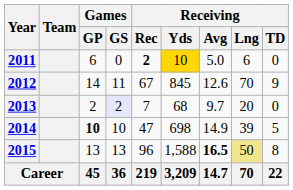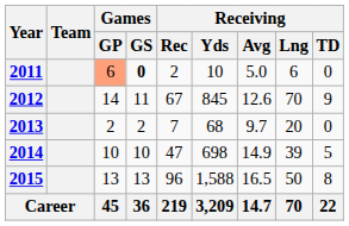 <table class="wikitable" style="text-align:center;">
 <tr>
 <th rowspan="2">Year</th>
 <th rowspan="2">Team</th>
 <th colspan="2">Games</th>
 <th colspan="5">Receiving</th>
 </tr>
 <tr>
 <th>GP</th>
 <th>GS</th>
 <th>Rec</th>
 <th>Yds</th>
 <th>Avg</th>
 <th>Lng</th>
 <th>TD</th>
 </tr>
 <tr>
 <th><a href='#'>2011</a></th>
 <th><a href='#'></a></th>
-<td>6</td>
-<td>0</td>
-<td><strong>2</strong></td>
-<td style="background: gold;">10</td>
+<td style="background: lightsalmon;">6</td>
+<td><strong>0</strong></td>
+<td>2</td>
+<td>10</td>
 <td>5.0</td>
 <td>6</td>
 <td>0</td>
 </tr>
 <tr>
 <th><a href='#'>2012</a></th>
 <th><a href='#'></a></th>
 <td>14</td>
 <td>11</td>
 <td>67</td>
 <td>845</td>
 <td>12.6</td>
 <td>70</td>
 <td>9</td>
 </tr>
 <tr>
 <th><a href='#'>2013</a></th>
 <th><a href='#'></a></th>
 <td>2</td>
-<td style="background: lavender;">2</td>
+<td>2</td>
 <td>7</td>
 <td>68</td>
 <td>9.7</td>
 <td>20</td>
 <td>0</td>
 </tr>
 <tr>
 <th><a href='#'>2014</a></th>
 <th><a href='#'></a></th>
-<td><strong>10</strong></td>
+<td>10</td>
 <td>10</td>
 <td>47</td>
 <td>698</td>
 <td>14.9</td>
 <td>39</td>
 <td>5</td>
 </tr>
 <tr>
 <th><a href='#'>2015</a></th>
 <th><a href='#'></a></th>
 <td>13</td>
 <td>13</td>
 <td>96</td>
 <td>1,588</td>
-<td><strong>16.5</strong></td>
-<td style="background: khaki;">50</td>
+<td>16.5</td>
+<td>50</td>
 <td>8</td>
 </tr>
 <tr>
 <th align=center colspan="2">Career</th>
 <th>45</th>
 <th>36</th>
 <th>219</th>
 <th>3,209</th>
 <th>14.7</th>
 <th>70</th>
 <th>22</th>
 </tr>
 </table>
